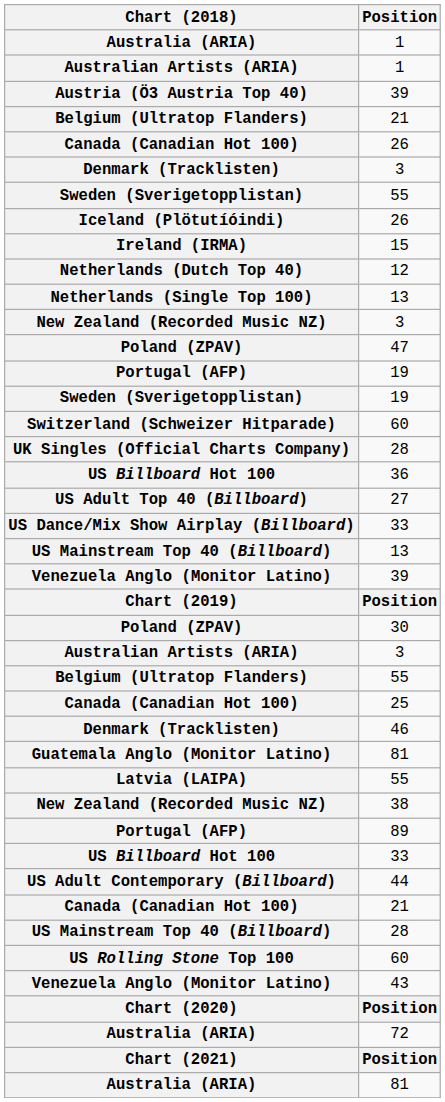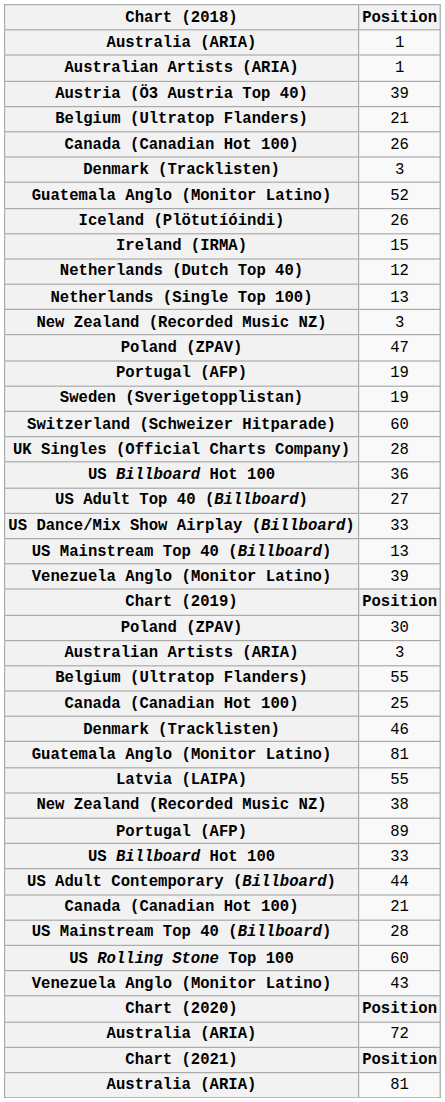 <table class="wikitable sortable plainrowheaders" style="text-align:center">
 <tr>
 <th scope="col">Chart (2018)</th>
 <th scope="col">Position</th>
 </tr>
 <tr>
 <th scope="row">Australia (ARIA)</th>
 <td>1</td>
 </tr>
 <tr>
 <th scope="row">Australian Artists (ARIA)</th>
 <td>1</td>
 </tr>
 <tr>
 <th scope="row">Austria (Ö3 Austria Top 40)</th>
 <td>39</td>
 </tr>
 <tr>
 <th scope="row">Belgium (Ultratop Flanders)</th>
 <td>21</td>
 </tr>
 <tr>
 <th scope="row">Canada (Canadian Hot 100)</th>
 <td>26</td>
 </tr>
 <tr>
 <th scope="row">Denmark (Tracklisten)</th>
 <td>3</td>
 </tr>
 <tr>
-<th scope="row">Sweden (Sverigetopplistan)</th>
-<td>55</td>
+<th scope="row">Guatemala Anglo (Monitor Latino)</th>
+<td>52</td>
 </tr>
 <tr>
 <th scope="row">Iceland (Plötutíóindi)</th>
 <td>26</td>
 </tr>
 <tr>
 <th scope="row">Ireland (IRMA)</th>
 <td>15</td>
 </tr>
 <tr>
 <th scope="row">Netherlands (Dutch Top 40)</th>
 <td>12</td>
 </tr>
 <tr>
 <th scope="row">Netherlands (Single Top 100)</th>
 <td>13</td>
 </tr>
 <tr>
 <th scope="row">New Zealand (Recorded Music NZ)</th>
 <td>3</td>
 </tr>
 <tr>
 <th scope="row">Poland (ZPAV)</th>
 <td>47</td>
 </tr>
 <tr>
 <th scope="row">Portugal (AFP)</th>
 <td>19</td>
 </tr>
 <tr>
 <th scope="row">Sweden (Sverigetopplistan)</th>
 <td>19</td>
 </tr>
 <tr>
 <th scope="row">Switzerland (Schweizer Hitparade)</th>
 <td>60</td>
 </tr>
 <tr>
 <th scope="row">UK Singles (Official Charts Company)</th>
 <td>28</td>
 </tr>
 <tr>
 <th scope="row">US <em>Billboard</em> Hot 100</th>
 <td>36</td>
 </tr>
 <tr>
 <th scope="row">US Adult Top 40 (<em>Billboard</em>)</th>
 <td>27</td>
 </tr>
 <tr>
 <th scope="row">US Dance/Mix Show Airplay (<em>Billboard</em>)</th>
 <td>33</td>
 </tr>
 <tr>
 <th scope="row">US Mainstream Top 40 (<em>Billboard</em>)</th>
 <td>13</td>
 </tr>
 <tr>
 <th scope="row">Venezuela Anglo (Monitor Latino)</th>
 <td>39</td>
 </tr>
 <tr>
 <th scope="col">Chart (2019)</th>
 <th scope="col">Position</th>
 </tr>
 <tr>
 <th scope="row">Poland (ZPAV)</th>
 <td>30</td>
 </tr>
 <tr>
 <th scope="row">Australian Artists (ARIA)</th>
 <td>3</td>
 </tr>
 <tr>
 <th scope="row">Belgium (Ultratop Flanders)</th>
 <td>55</td>
 </tr>
 <tr>
 <th scope="row">Canada (Canadian Hot 100)</th>
 <td>25</td>
 </tr>
 <tr>
 <th scope="row">Denmark (Tracklisten)</th>
 <td>46</td>
 </tr>
 <tr>
 <th scope="row">Guatemala Anglo (Monitor Latino)</th>
 <td>81</td>
 </tr>
 <tr>
 <th scope="row">Latvia (LAIPA)</th>
 <td>55</td>
 </tr>
 <tr>
 <th scope="row">New Zealand (Recorded Music NZ)</th>
 <td>38</td>
 </tr>
 <tr>
 <th scope="row">Portugal (AFP)</th>
 <td>89</td>
 </tr>
 <tr>
 <th scope="row">US <em>Billboard</em> Hot 100</th>
 <td>33</td>
 </tr>
 <tr>
 <th scope="row">US Adult Contemporary (<em>Billboard</em>)</th>
 <td>44</td>
 </tr>
 <tr>
 <th scope="row">Canada (Canadian Hot 100)</th>
 <td>21</td>
 </tr>
 <tr>
 <th scope="row">US Mainstream Top 40 (<em>Billboard</em>)</th>
 <td>28</td>
 </tr>
 <tr>
 <th scope="row">US <em>Rolling Stone</em> Top 100</th>
 <td>60</td>
 </tr>
 <tr>
 <th scope="row">Venezuela Anglo (Monitor Latino)</th>
 <td>43</td>
 </tr>
 <tr>
 <th scope="col">Chart (2020)</th>
 <th scope="col">Position</th>
 </tr>
 <tr>
 <th scope="row">Australia (ARIA)</th>
 <td>72</td>
 </tr>
 <tr>
 <th scope="col">Chart (2021)</th>
 <th scope="col">Position</th>
 </tr>
 <tr>
 <th scope="row">Australia (ARIA)</th>
 <td>81</td>
 </tr>
 </table>
